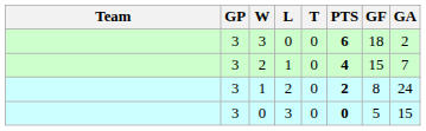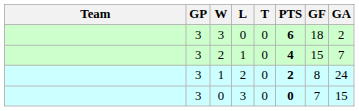 <table class=wikitable style="text-align:center">
 <tr>
 <th width=220>Team</th>
 <th width=20>GP</th>
 <th width=20>W</th>
 <th width=20>L</th>
 <th width=20>T</th>
 <th width=20><strong>PTS</strong></th>
 <th width=20>GF</th>
 <th width=20>GA</th>
 </tr>
 <tr bgcolor=#ccffcc>
 <td align=left></td>
 <td>3</td>
 <td>3</td>
 <td>0</td>
 <td>0</td>
 <td><strong>6</strong></td>
 <td>18</td>
 <td>2</td>
 </tr>
 <tr bgcolor=#ccffcc>
 <td align=left></td>
 <td>3</td>
 <td>2</td>
 <td>1</td>
 <td>0</td>
 <td><strong>4</strong></td>
 <td>15</td>
 <td>7</td>
 </tr>
 <tr bgcolor=#ccffff>
 <td align=left></td>
 <td>3</td>
 <td>1</td>
 <td>2</td>
 <td>0</td>
 <td><strong>2</strong></td>
 <td>8</td>
 <td>24</td>
 </tr>
 <tr bgcolor=#ccffff>
 <td align=left></td>
 <td>3</td>
 <td>0</td>
 <td>3</td>
 <td>0</td>
 <td><strong>0</strong></td>
-<td>5</td>
+<td>7</td>
 <td>15</td>
 </tr>
 </table>
